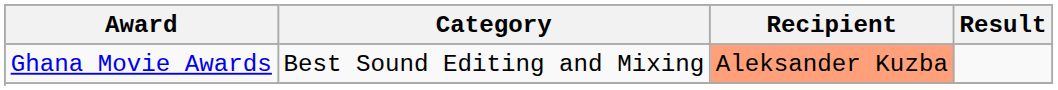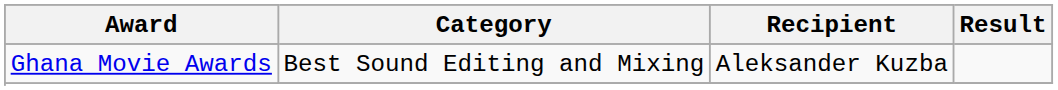 <table class="wikitable sortable">
 <tr>
 <th>Award</th>
 <th>Category</th>
 <th>Recipient</th>
 <th>Result</th>
 </tr>
 <tr>
 <td rowspan="15"><a href='#'>Ghana Movie Awards</a></td>
 <td>Best Sound Editing and Mixing</td>
-<td style="background: lightsalmon;">Aleksander Kuzba</td>
+<td>Aleksander Kuzba</td>
 <td></td>
 </tr>
 <tr>
 </tr>
 </table>
